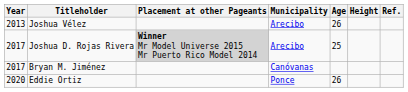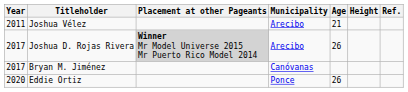 <table class="wikitable">
 <tr>
 <th>Year</th>
 <th>Titleholder</th>
 <th>Placement at other Pageants</th>
 <th>Municipality</th>
 <th>Age</th>
 <th>Height</th>
 <th>Ref.</th>
 </tr>
 <tr>
-<td>2013</td>
+<td>2011</td>
 <td>Joshua Vélez</td>
 <td></td>
 <td><a href='#'>Arecibo</a></td>
-<td>26</td>
+<td>21</td>
 <td></td>
 <td></td>
 </tr>
 <tr>
 <td>2017</td>
 <td>Joshua D. Rojas Rivera</td>
 <td style="background: lightgrey;"><div><strong>Winner</strong><br>Mr Model Universe 2015<br>Mr Puerto Rico Model 2014 </div></td>
 <td><a href='#'>Arecibo</a></td>
-<td>25</td>
+<td>26</td>
 <td></td>
 <td></td>
 </tr>
 <tr>
 <td>2017</td>
 <td>Bryan M. Jiménez</td>
 <td></td>
 <td><a href='#'>Canóvanas</a></td>
 <td></td>
 <td></td>
 <td></td>
 </tr>
 <tr>
 <td>2020</td>
 <td>Eddie Ortiz</td>
 <td></td>
 <td><a href='#'>Ponce</a></td>
 <td>26</td>
 <td></td>
 <td></td>
 </tr>
 </table>
